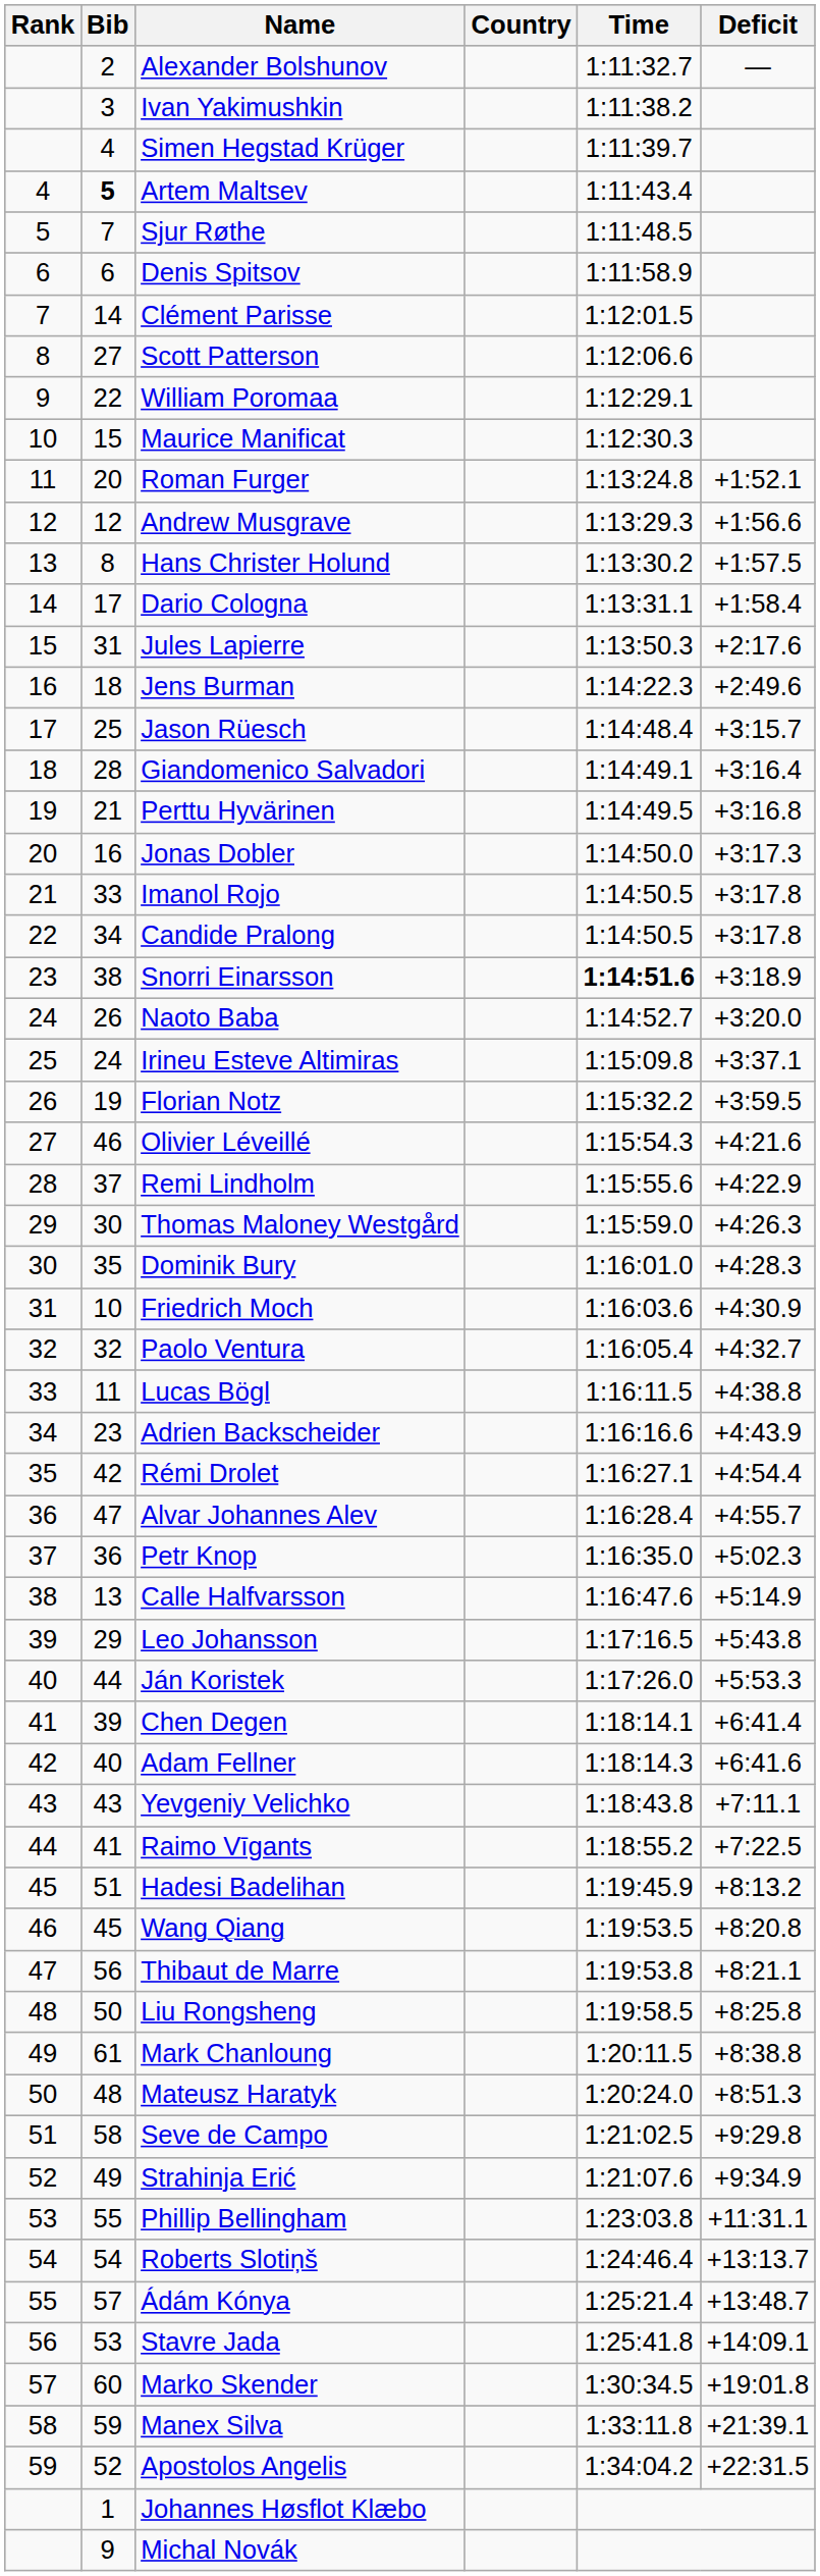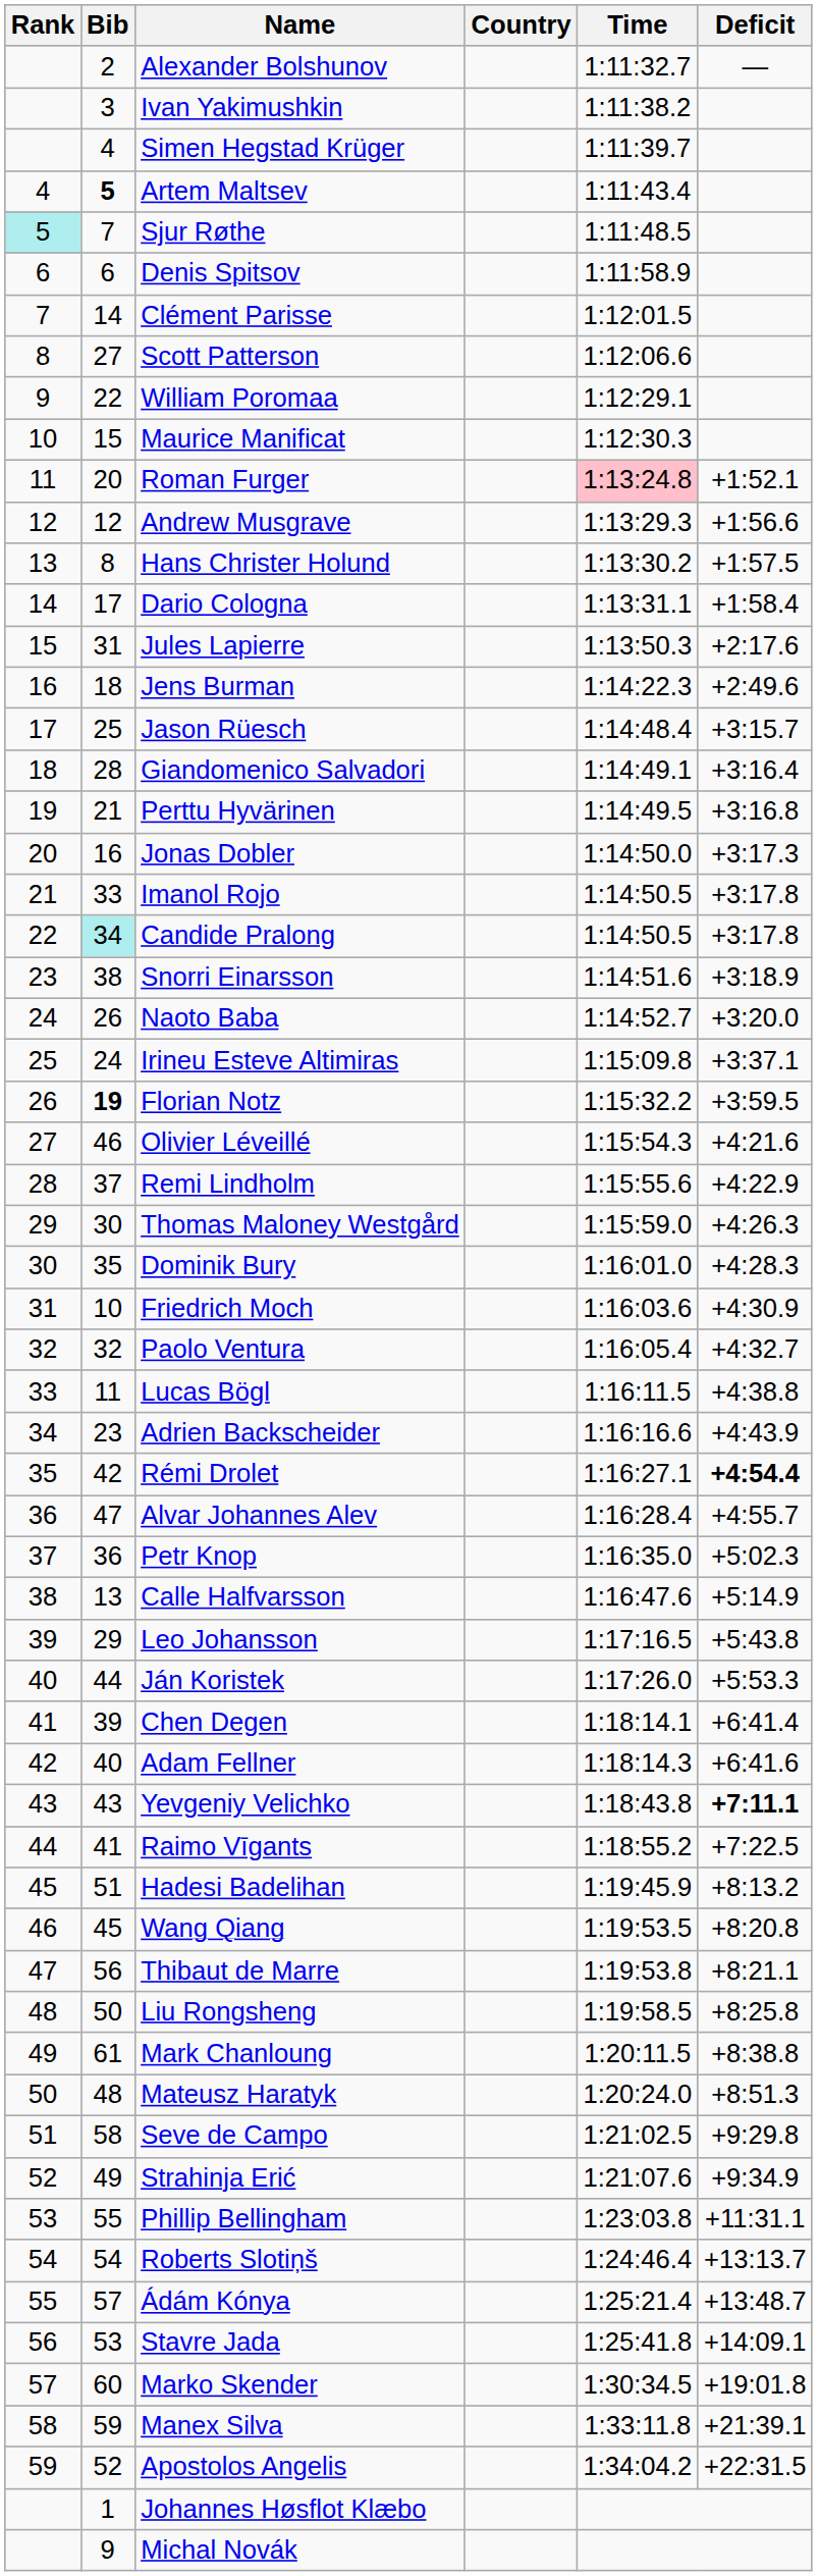 <table class="wikitable sortable" style="text-align:center">
 <tr>
 <th>Rank</th>
 <th>Bib</th>
 <th>Name</th>
 <th>Country</th>
 <th>Time</th>
 <th>Deficit</th>
 </tr>
 <tr>
 <td></td>
 <td>2</td>
 <td align=left><a href='#'>Alexander Bolshunov</a></td>
 <td align=left></td>
 <td>1:11:32.7</td>
 <td>—</td>
 </tr>
 <tr>
 <td></td>
 <td>3</td>
 <td align=left><a href='#'>Ivan Yakimushkin</a></td>
 <td align=left></td>
 <td>1:11:38.2</td>
 <td></td>
 </tr>
 <tr>
 <td></td>
 <td>4</td>
 <td align=left><a href='#'>Simen Hegstad Krüger</a></td>
 <td align=left></td>
 <td>1:11:39.7</td>
 <td></td>
 </tr>
 <tr>
 <td>4</td>
 <td><strong>5</strong></td>
 <td align=left><a href='#'>Artem Maltsev</a></td>
 <td align=left></td>
 <td>1:11:43.4</td>
 <td></td>
 </tr>
 <tr>
-<td>5</td>
+<td style="background: paleturquoise;">5</td>
 <td>7</td>
 <td align=left><a href='#'>Sjur Røthe</a></td>
 <td align=left></td>
 <td>1:11:48.5</td>
 <td></td>
 </tr>
 <tr>
 <td>6</td>
 <td>6</td>
 <td align=left><a href='#'>Denis Spitsov</a></td>
 <td align=left></td>
 <td>1:11:58.9</td>
 <td></td>
 </tr>
 <tr>
 <td>7</td>
 <td>14</td>
 <td align=left><a href='#'>Clément Parisse</a></td>
 <td align=left></td>
 <td>1:12:01.5</td>
 <td></td>
 </tr>
 <tr>
 <td>8</td>
 <td>27</td>
 <td align=left><a href='#'>Scott Patterson</a></td>
 <td align=left></td>
 <td>1:12:06.6</td>
 <td></td>
 </tr>
 <tr>
 <td>9</td>
 <td>22</td>
 <td align=left><a href='#'>William Poromaa</a></td>
 <td align=left></td>
 <td>1:12:29.1</td>
 <td></td>
 </tr>
 <tr>
 <td>10</td>
 <td>15</td>
 <td align=left><a href='#'>Maurice Manificat</a></td>
 <td align=left></td>
 <td>1:12:30.3</td>
 <td></td>
 </tr>
 <tr>
 <td>11</td>
 <td>20</td>
 <td align=left><a href='#'>Roman Furger</a></td>
 <td align=left></td>
-<td>1:13:24.8</td>
+<td style="background: pink;">1:13:24.8</td>
 <td>+1:52.1</td>
 </tr>
 <tr>
 <td>12</td>
 <td>12</td>
 <td align=left><a href='#'>Andrew Musgrave</a></td>
 <td align=left></td>
 <td>1:13:29.3</td>
 <td>+1:56.6</td>
 </tr>
 <tr>
 <td>13</td>
 <td>8</td>
 <td align=left><a href='#'>Hans Christer Holund</a></td>
 <td align=left></td>
 <td>1:13:30.2</td>
 <td>+1:57.5</td>
 </tr>
 <tr>
 <td>14</td>
 <td>17</td>
 <td align=left><a href='#'>Dario Cologna</a></td>
 <td align=left></td>
 <td>1:13:31.1</td>
 <td>+1:58.4</td>
 </tr>
 <tr>
 <td>15</td>
 <td>31</td>
 <td align=left><a href='#'>Jules Lapierre</a></td>
 <td align=left></td>
 <td>1:13:50.3</td>
 <td>+2:17.6</td>
 </tr>
 <tr>
 <td>16</td>
 <td>18</td>
 <td align=left><a href='#'>Jens Burman</a></td>
 <td align=left></td>
 <td>1:14:22.3</td>
 <td>+2:49.6</td>
 </tr>
 <tr>
 <td>17</td>
 <td>25</td>
 <td align=left><a href='#'>Jason Rüesch</a></td>
 <td align=left></td>
 <td>1:14:48.4</td>
 <td>+3:15.7</td>
 </tr>
 <tr>
 <td>18</td>
 <td>28</td>
 <td align=left><a href='#'>Giandomenico Salvadori</a></td>
 <td align=left></td>
 <td>1:14:49.1</td>
 <td>+3:16.4</td>
 </tr>
 <tr>
 <td>19</td>
 <td>21</td>
 <td align=left><a href='#'>Perttu Hyvärinen</a></td>
 <td align=left></td>
 <td>1:14:49.5</td>
 <td>+3:16.8</td>
 </tr>
 <tr>
 <td>20</td>
 <td>16</td>
 <td align=left><a href='#'>Jonas Dobler</a></td>
 <td align=left></td>
 <td>1:14:50.0</td>
 <td>+3:17.3</td>
 </tr>
 <tr>
 <td>21</td>
 <td>33</td>
 <td align=left><a href='#'>Imanol Rojo</a></td>
 <td align=left></td>
 <td>1:14:50.5</td>
 <td>+3:17.8</td>
 </tr>
 <tr>
 <td>22</td>
-<td>34</td>
+<td style="background: paleturquoise;">34</td>
 <td align=left><a href='#'>Candide Pralong</a></td>
 <td align=left></td>
 <td>1:14:50.5</td>
 <td>+3:17.8</td>
 </tr>
 <tr>
 <td>23</td>
 <td>38</td>
 <td align=left><a href='#'>Snorri Einarsson</a></td>
 <td align=left></td>
-<td><strong>1:14:51.6</strong></td>
+<td>1:14:51.6</td>
 <td>+3:18.9</td>
 </tr>
 <tr>
 <td>24</td>
 <td>26</td>
 <td align=left><a href='#'>Naoto Baba</a></td>
 <td align=left></td>
 <td>1:14:52.7</td>
 <td>+3:20.0</td>
 </tr>
 <tr>
 <td>25</td>
 <td>24</td>
 <td align=left><a href='#'>Irineu Esteve Altimiras</a></td>
 <td align=left></td>
 <td>1:15:09.8</td>
 <td>+3:37.1</td>
 </tr>
 <tr>
 <td>26</td>
-<td>19</td>
+<td><strong>19</strong></td>
 <td align=left><a href='#'>Florian Notz</a></td>
 <td align=left></td>
 <td>1:15:32.2</td>
 <td>+3:59.5</td>
 </tr>
 <tr>
 <td>27</td>
 <td>46</td>
 <td align=left><a href='#'>Olivier Léveillé</a></td>
 <td align=left></td>
 <td>1:15:54.3</td>
 <td>+4:21.6</td>
 </tr>
 <tr>
 <td>28</td>
 <td>37</td>
 <td align=left><a href='#'>Remi Lindholm</a></td>
 <td align=left></td>
 <td>1:15:55.6</td>
 <td>+4:22.9</td>
 </tr>
 <tr>
 <td>29</td>
 <td>30</td>
 <td align=left><a href='#'>Thomas Maloney Westgård</a></td>
 <td align=left></td>
 <td>1:15:59.0</td>
 <td>+4:26.3</td>
 </tr>
 <tr>
 <td>30</td>
 <td>35</td>
 <td align=left><a href='#'>Dominik Bury</a></td>
 <td align=left></td>
 <td>1:16:01.0</td>
 <td>+4:28.3</td>
 </tr>
 <tr>
 <td>31</td>
 <td>10</td>
 <td align=left><a href='#'>Friedrich Moch</a></td>
 <td align=left></td>
 <td>1:16:03.6</td>
 <td>+4:30.9</td>
 </tr>
 <tr>
 <td>32</td>
 <td>32</td>
 <td align=left><a href='#'>Paolo Ventura</a></td>
 <td align=left></td>
 <td>1:16:05.4</td>
 <td>+4:32.7</td>
 </tr>
 <tr>
 <td>33</td>
 <td>11</td>
 <td align=left><a href='#'>Lucas Bögl</a></td>
 <td align=left></td>
 <td>1:16:11.5</td>
 <td>+4:38.8</td>
 </tr>
 <tr>
 <td>34</td>
 <td>23</td>
 <td align=left><a href='#'>Adrien Backscheider</a></td>
 <td align=left></td>
 <td>1:16:16.6</td>
 <td>+4:43.9</td>
 </tr>
 <tr>
 <td>35</td>
 <td>42</td>
 <td align=left><a href='#'>Rémi Drolet</a></td>
 <td align=left></td>
 <td>1:16:27.1</td>
-<td>+4:54.4</td>
+<td><strong>+4:54.4</strong></td>
 </tr>
 <tr>
 <td>36</td>
 <td>47</td>
 <td align=left><a href='#'>Alvar Johannes Alev</a></td>
 <td align=left></td>
 <td>1:16:28.4</td>
 <td>+4:55.7</td>
 </tr>
 <tr>
 <td>37</td>
 <td>36</td>
 <td align=left><a href='#'>Petr Knop</a></td>
 <td align=left></td>
 <td>1:16:35.0</td>
 <td>+5:02.3</td>
 </tr>
 <tr>
 <td>38</td>
 <td>13</td>
 <td align=left><a href='#'>Calle Halfvarsson</a></td>
 <td align=left></td>
 <td>1:16:47.6</td>
 <td>+5:14.9</td>
 </tr>
 <tr>
 <td>39</td>
 <td>29</td>
 <td align=left><a href='#'>Leo Johansson</a></td>
 <td align=left></td>
 <td>1:17:16.5</td>
 <td>+5:43.8</td>
 </tr>
 <tr>
 <td>40</td>
 <td>44</td>
 <td align=left><a href='#'>Ján Koristek</a></td>
 <td align=left></td>
 <td>1:17:26.0</td>
 <td>+5:53.3</td>
 </tr>
 <tr>
 <td>41</td>
 <td>39</td>
 <td align=left><a href='#'>Chen Degen</a></td>
 <td align=left></td>
 <td>1:18:14.1</td>
 <td>+6:41.4</td>
 </tr>
 <tr>
 <td>42</td>
 <td>40</td>
 <td align=left><a href='#'>Adam Fellner</a></td>
 <td align=left></td>
 <td>1:18:14.3</td>
 <td>+6:41.6</td>
 </tr>
 <tr>
 <td>43</td>
 <td>43</td>
 <td align=left><a href='#'>Yevgeniy Velichko</a></td>
 <td align=left></td>
 <td>1:18:43.8</td>
-<td>+7:11.1</td>
+<td><strong>+7:11.1</strong></td>
 </tr>
 <tr>
 <td>44</td>
 <td>41</td>
 <td align=left><a href='#'>Raimo Vīgants</a></td>
 <td align=left></td>
 <td>1:18:55.2</td>
 <td>+7:22.5</td>
 </tr>
 <tr>
 <td>45</td>
 <td>51</td>
 <td align=left><a href='#'>Hadesi Badelihan</a></td>
 <td align=left></td>
 <td>1:19:45.9</td>
 <td>+8:13.2</td>
 </tr>
 <tr>
 <td>46</td>
 <td>45</td>
 <td align=left><a href='#'>Wang Qiang</a></td>
 <td align=left></td>
 <td>1:19:53.5</td>
 <td>+8:20.8</td>
 </tr>
 <tr>
 <td>47</td>
 <td>56</td>
 <td align=left><a href='#'>Thibaut de Marre</a></td>
 <td align=left></td>
 <td>1:19:53.8</td>
 <td>+8:21.1</td>
 </tr>
 <tr>
 <td>48</td>
 <td>50</td>
 <td align=left><a href='#'>Liu Rongsheng</a></td>
 <td align=left></td>
 <td>1:19:58.5</td>
 <td>+8:25.8</td>
 </tr>
 <tr>
 <td>49</td>
 <td>61</td>
 <td align=left><a href='#'>Mark Chanloung</a></td>
 <td align=left></td>
 <td>1:20:11.5</td>
 <td>+8:38.8</td>
 </tr>
 <tr>
 <td>50</td>
 <td>48</td>
 <td align=left><a href='#'>Mateusz Haratyk</a></td>
 <td align=left></td>
 <td>1:20:24.0</td>
 <td>+8:51.3</td>
 </tr>
 <tr>
 <td>51</td>
 <td>58</td>
 <td align=left><a href='#'>Seve de Campo</a></td>
 <td align=left></td>
 <td>1:21:02.5</td>
 <td>+9:29.8</td>
 </tr>
 <tr>
 <td>52</td>
 <td>49</td>
 <td align=left><a href='#'>Strahinja Erić</a></td>
 <td align=left></td>
 <td>1:21:07.6</td>
 <td>+9:34.9</td>
 </tr>
 <tr>
 <td>53</td>
 <td>55</td>
 <td align=left><a href='#'>Phillip Bellingham</a></td>
 <td align=left></td>
 <td>1:23:03.8</td>
 <td>+11:31.1</td>
 </tr>
 <tr>
 <td>54</td>
 <td>54</td>
 <td align=left><a href='#'>Roberts Slotiņš</a></td>
 <td align=left></td>
 <td>1:24:46.4</td>
 <td>+13:13.7</td>
 </tr>
 <tr>
 <td>55</td>
 <td>57</td>
 <td align=left><a href='#'>Ádám Kónya</a></td>
 <td align=left></td>
 <td>1:25:21.4</td>
 <td>+13:48.7</td>
 </tr>
 <tr>
 <td>56</td>
 <td>53</td>
 <td align=left><a href='#'>Stavre Jada</a></td>
 <td align=left></td>
 <td>1:25:41.8</td>
 <td>+14:09.1</td>
 </tr>
 <tr>
 <td>57</td>
 <td>60</td>
 <td align=left><a href='#'>Marko Skender</a></td>
 <td align=left></td>
 <td>1:30:34.5</td>
 <td>+19:01.8</td>
 </tr>
 <tr>
 <td>58</td>
 <td>59</td>
 <td align=left><a href='#'>Manex Silva</a></td>
 <td align=left></td>
 <td>1:33:11.8</td>
 <td>+21:39.1</td>
 </tr>
 <tr>
 <td>59</td>
 <td>52</td>
 <td align=left><a href='#'>Apostolos Angelis</a></td>
 <td align=left></td>
 <td>1:34:04.2</td>
 <td>+22:31.5</td>
 </tr>
 <tr>
 <td></td>
 <td>1</td>
 <td align=left><a href='#'>Johannes Høsflot Klæbo</a></td>
 <td align=left></td>
 <td colspan=2></td>
 </tr>
 <tr>
 <td></td>
 <td>9</td>
 <td align=left><a href='#'>Michal Novák</a></td>
 <td align=left></td>
 <td colspan=2></td>
 </tr>
 </table>
